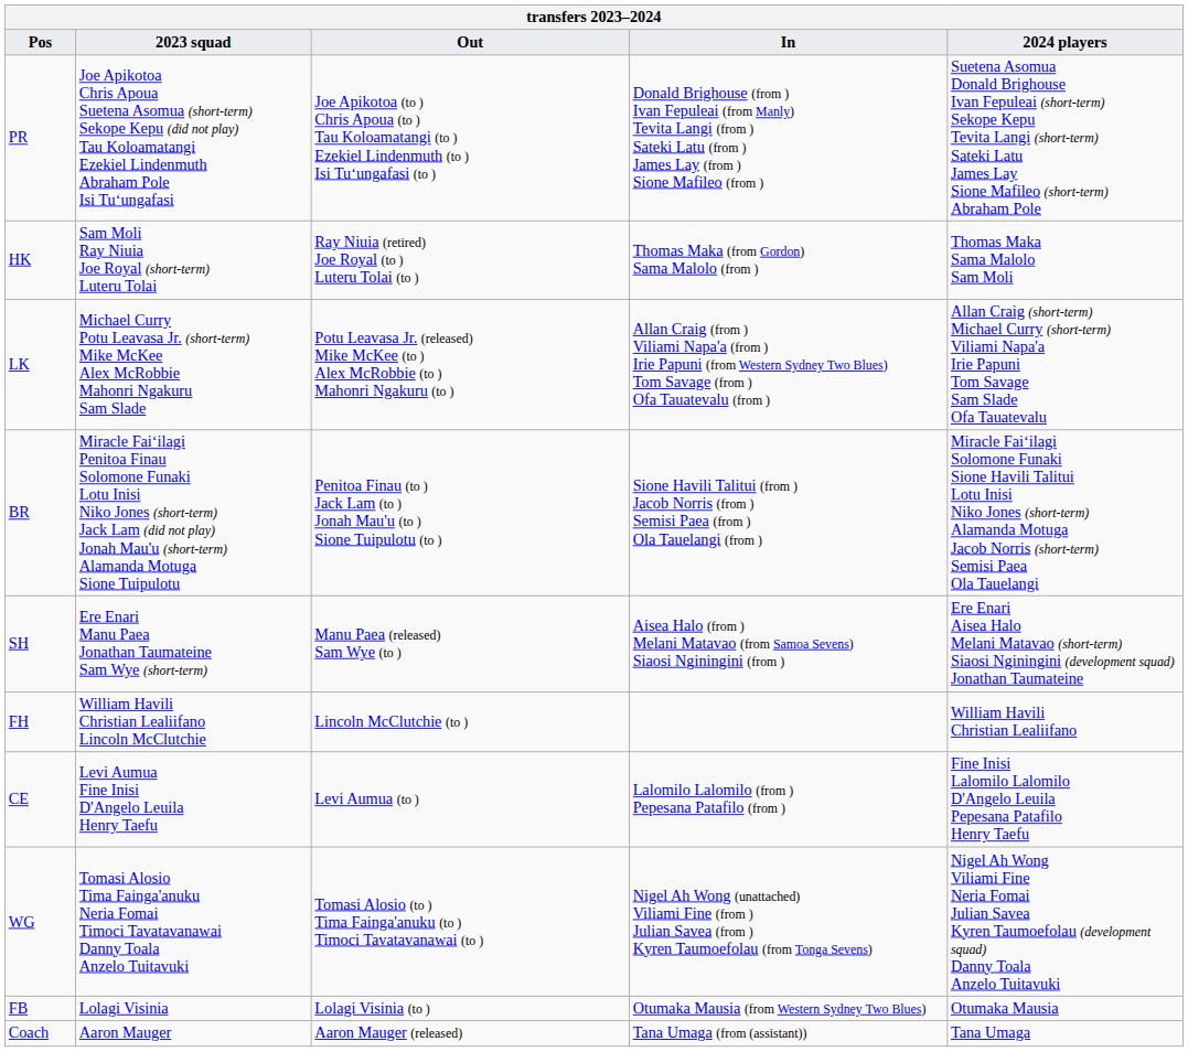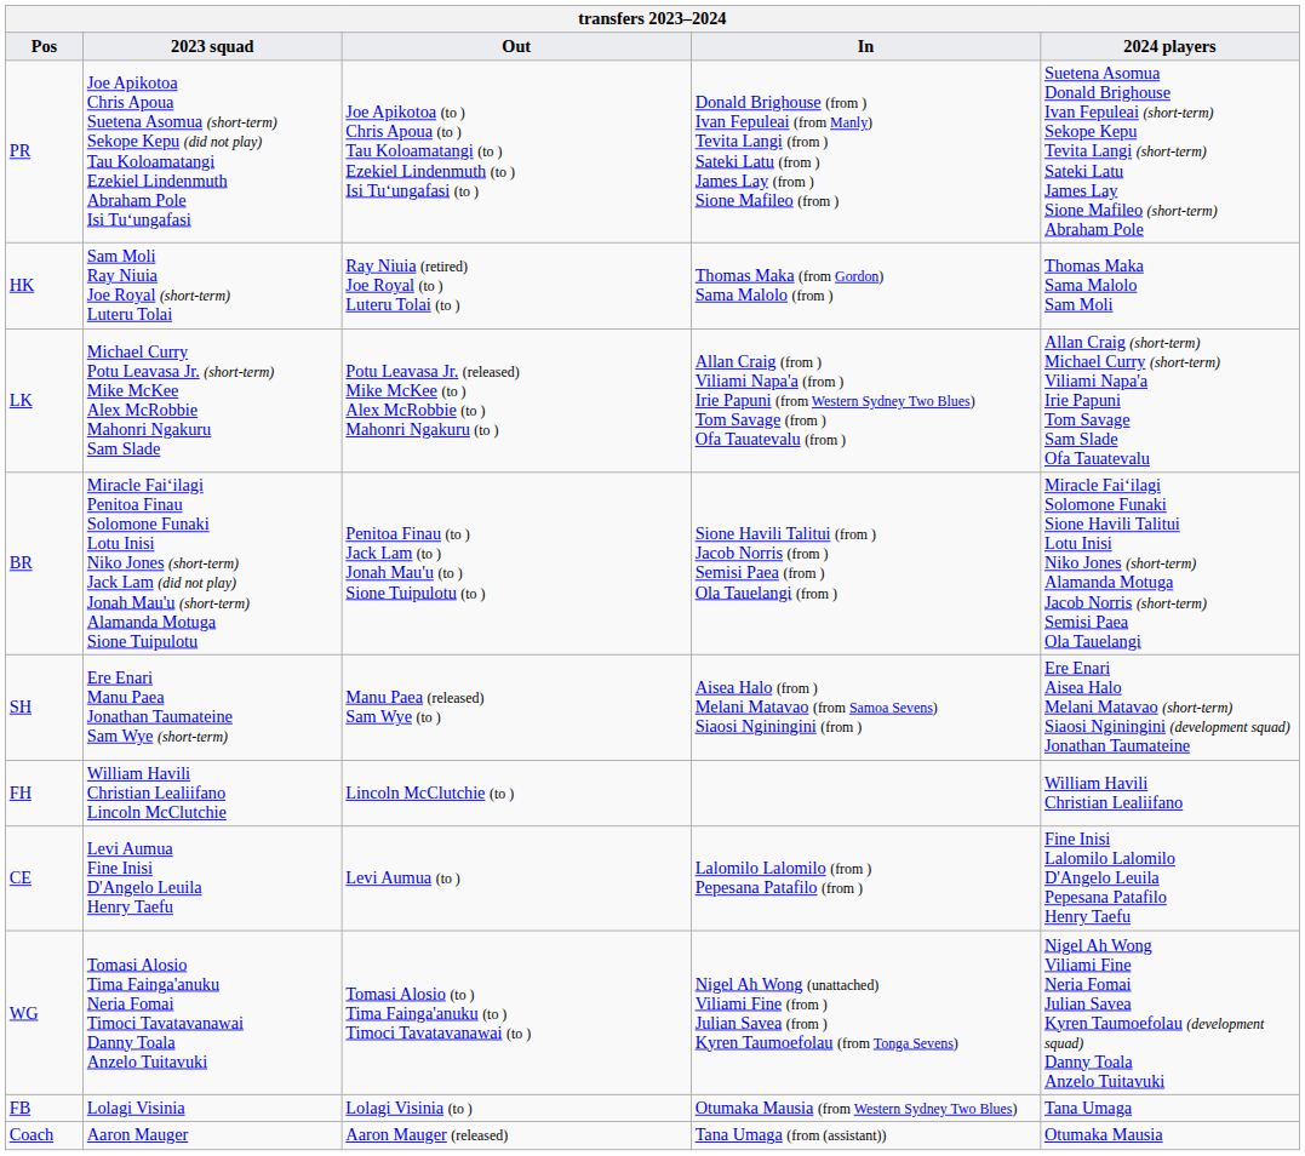 <table class="wikitable" style="text-align: left; width:95%">
 <tr>
 <th colspan="100%"> transfers 2023–2024</th>
 </tr>
 <tr>
 <th style="background:#ebecf0; width:6%;">Pos</th>
 <th style="background:#ebecf0; width:20%;">2023 squad</th>
 <th style="background:#ebecf0; width:27%;">Out</th>
 <th style="background:#ebecf0; width:27%;">In</th>
 <th style="background:#ebecf0; width:20%;">2024 players</th>
 </tr>
 <tr>
 <td><a href='#'>PR</a></td>
 <td> <a href='#'>Joe Apikotoa</a> <br> <a href='#'>Chris Apoua</a> <br> <a href='#'>Suetena Asomua</a> <small><em>(short-term)</em></small> <br><a href='#'>Sekope Kepu</a> <small><em>(did not play)</em></small> <br> <a href='#'>Tau Koloamatangi</a> <br> <a href='#'>Ezekiel Lindenmuth</a> <br> <a href='#'>Abraham Pole</a><br> <a href='#'>Isi Tuʻungafasi</a></td>
 <td>  <a href='#'>Joe Apikotoa</a> <small>(to )</small> <br>  <a href='#'>Chris Apoua</a> <small>(to )</small> <br>  <a href='#'>Tau Koloamatangi</a> <small>(to )</small> <br>  <a href='#'>Ezekiel Lindenmuth</a> <small>(to )</small> <br>  <a href='#'>Isi Tuʻungafasi</a> <small>(to )</small></td>
 <td>  <a href='#'>Donald Brighouse</a> <small>(from )</small> <br>  <a href='#'>Ivan Fepuleai</a> <small>(from  <a href='#'>Manly</a>)</small> <br>  <a href='#'>Tevita Langi</a> <small>(from )</small> <br>  <a href='#'>Sateki Latu</a> <small>(from )</small> <br>  <a href='#'>James Lay</a> <small>(from )</small> <br>  <a href='#'>Sione Mafileo</a> <small>(from )</small></td>
 <td>  <a href='#'>Suetena Asomua</a> <br> <a href='#'>Donald Brighouse</a> <br> <a href='#'>Ivan Fepuleai</a> <small><em>(short-term)</em></small> <br> <a href='#'>Sekope Kepu</a> <br> <a href='#'>Tevita Langi</a> <small><em>(short-term)</em></small> <br> <a href='#'>Sateki Latu</a> <br> <a href='#'>James Lay</a> <br> <a href='#'>Sione Mafileo</a> <small><em>(short-term)</em></small> <br> <a href='#'>Abraham Pole</a></td>
 </tr>
 <tr>
 <td><a href='#'>HK</a></td>
 <td> <a href='#'>Sam Moli</a> <br> <a href='#'>Ray Niuia</a> <br> <a href='#'>Joe Royal</a> <small><em>(short-term)</em></small> <br> <a href='#'>Luteru Tolai</a></td>
 <td>  <a href='#'>Ray Niuia</a> <small>(retired)</small> <br>  <a href='#'>Joe Royal</a> <small>(to )</small> <br>  <a href='#'>Luteru Tolai</a> <small>(to )</small></td>
 <td>  <a href='#'>Thomas Maka</a> <small>(from  <a href='#'>Gordon</a>)</small> <br>  <a href='#'>Sama Malolo</a> <small>(from )</small></td>
 <td> <a href='#'>Thomas Maka</a> <br> <a href='#'>Sama Malolo</a> <br> <a href='#'>Sam Moli</a></td>
 </tr>
 <tr>
 <td><a href='#'>LK</a></td>
 <td> <a href='#'>Michael Curry</a> <br> <a href='#'>Potu Leavasa Jr.</a> <small><em>(short-term)</em></small> <br> <a href='#'>Mike McKee</a> <br><a href='#'>Alex McRobbie</a><br> <a href='#'>Mahonri Ngakuru</a> <br> <a href='#'>Sam Slade</a></td>
 <td>  <a href='#'>Potu Leavasa Jr.</a> <small>(released)</small> <br>  <a href='#'>Mike McKee</a> <small>(to )</small> <br>  <a href='#'>Alex McRobbie</a> <small>(to )</small> <br>  <a href='#'>Mahonri Ngakuru</a> <small>(to )</small></td>
 <td>  <a href='#'>Allan Craig</a> <small>(from )</small> <br>  <a href='#'>Viliami Napa'a</a> <small>(from )</small> <br>  <a href='#'>Irie Papuni</a> <small>(from  <a href='#'>Western Sydney Two Blues</a>)</small> <br>  <a href='#'>Tom Savage</a> <small>(from )</small> <br>  <a href='#'>Ofa Tauatevalu</a> <small>(from )</small></td>
 <td> <a href='#'>Allan Craig</a> <small><em>(short-term)</em></small> <br> <a href='#'>Michael Curry</a> <small><em>(short-term)</em></small> <br> <a href='#'>Viliami Napa'a</a> <br> <a href='#'>Irie Papuni</a> <br> <a href='#'>Tom Savage</a> <br> <a href='#'>Sam Slade</a> <br> <a href='#'>Ofa Tauatevalu</a></td>
 </tr>
 <tr>
 <td><a href='#'>BR</a></td>
 <td> <a href='#'>Miracle Faiʻilagi</a> <br> <a href='#'>Penitoa Finau</a> <br> <a href='#'>Solomone Funaki</a> <br> <a href='#'>Lotu Inisi</a> <br> <a href='#'>Niko Jones</a> <small><em>(short-term)</em></small> <br> <a href='#'>Jack Lam</a> <small><em>(did not play)</em></small> <br> <a href='#'>Jonah Mau'u</a> <small><em>(short-term)</em></small> <br> <a href='#'>Alamanda Motuga</a> <br> <a href='#'>Sione Tuipulotu</a></td>
 <td>  <a href='#'>Penitoa Finau</a> <small>(to )</small> <br>  <a href='#'>Jack Lam</a> <small>(to )</small> <br>  <a href='#'>Jonah Mau'u</a> <small>(to )</small> <br>  <a href='#'>Sione Tuipulotu</a> <small>(to )</small></td>
 <td>  <a href='#'>Sione Havili Talitui</a> <small>(from )</small> <br>  <a href='#'>Jacob Norris</a> <small>(from )</small> <br>  <a href='#'>Semisi Paea</a> <small>(from )</small> <br>   <a href='#'>Ola Tauelangi</a> <small>(from )</small></td>
 <td> <a href='#'>Miracle Faiʻilagi</a> <br> <a href='#'>Solomone Funaki</a> <br> <a href='#'>Sione Havili Talitui</a> <br> <a href='#'>Lotu Inisi</a> <br> <a href='#'>Niko Jones</a> <small><em>(short-term)</em></small> <br> <a href='#'>Alamanda Motuga</a> <br> <a href='#'>Jacob Norris</a> <small><em>(short-term)</em></small> <br> <a href='#'>Semisi Paea</a> <br> <a href='#'>Ola Tauelangi</a></td>
 </tr>
 <tr>
 <td><a href='#'>SH</a></td>
 <td> <a href='#'>Ere Enari</a> <br> <a href='#'>Manu Paea</a> <br> <a href='#'>Jonathan Taumateine</a> <br> <a href='#'>Sam Wye</a> <small><em>(short-term)</em></small></td>
 <td>  <a href='#'>Manu Paea</a> <small>(released)</small> <br>  <a href='#'>Sam Wye</a> <small>(to )</small></td>
 <td>  <a href='#'>Aisea Halo</a> <small>(from )</small> <br>  <a href='#'>Melani Matavao</a> <small>(from  <a href='#'>Samoa Sevens</a>)</small> <br>  <a href='#'>Siaosi Nginingini</a> <small>(from )</small></td>
 <td> <a href='#'>Ere Enari</a> <br> <a href='#'>Aisea Halo</a> <br> <a href='#'>Melani Matavao</a> <small><em>(short-term)</em></small> <br> <a href='#'>Siaosi Nginingini</a> <small><em>(development squad)</em></small> <br> <a href='#'>Jonathan Taumateine</a></td>
 </tr>
 <tr>
 <td><a href='#'>FH</a></td>
 <td> <a href='#'>William Havili</a> <br> <a href='#'>Christian Lealiifano</a><br> <a href='#'>Lincoln McClutchie</a></td>
 <td>  <a href='#'>Lincoln McClutchie</a> <small>(to )</small></td>
 <td></td>
 <td> <a href='#'>William Havili</a> <br> <a href='#'>Christian Lealiifano</a></td>
 </tr>
 <tr>
 <td><a href='#'>CE</a></td>
 <td> <a href='#'>Levi Aumua</a>  <br> <a href='#'>Fine Inisi</a> <br> <a href='#'>D'Angelo Leuila</a> <br> <a href='#'>Henry Taefu</a></td>
 <td>  <a href='#'>Levi Aumua</a> <small>(to )</small></td>
 <td>  <a href='#'>Lalomilo Lalomilo</a> <small>(from )</small> <br>  <a href='#'>Pepesana Patafilo</a> <small>(from )</small></td>
 <td> <a href='#'>Fine Inisi</a> <br> <a href='#'>Lalomilo Lalomilo</a> <br> <a href='#'>D'Angelo Leuila</a> <br> <a href='#'>Pepesana Patafilo</a> <br> <a href='#'>Henry Taefu</a></td>
 </tr>
 <tr>
 <td><a href='#'>WG</a></td>
 <td> <a href='#'>Tomasi Alosio</a> <br> <a href='#'>Tima Fainga'anuku</a> <br> <a href='#'>Neria Fomai</a> <br> <a href='#'>Timoci Tavatavanawai</a> <br> <a href='#'>Danny Toala</a> <br> <a href='#'>Anzelo Tuitavuki</a></td>
 <td>  <a href='#'>Tomasi Alosio</a> <small>(to )</small> <br>  <a href='#'>Tima Fainga'anuku</a> <small>(to )</small> <br>  <a href='#'>Timoci Tavatavanawai</a> <small>(to )</small></td>
 <td>  <a href='#'>Nigel Ah Wong</a> <small>(unattached)</small> <br>  <a href='#'>Viliami Fine</a> <small>(from )</small> <br>  <a href='#'>Julian Savea</a> <small>(from )</small> <br> <a href='#'>Kyren Taumoefolau</a> <small>(from  <a href='#'>Tonga Sevens</a>)</small></td>
 <td> <a href='#'>Nigel Ah Wong</a> <br> <a href='#'>Viliami Fine</a> <br> <a href='#'>Neria Fomai</a> <br> <a href='#'>Julian Savea</a> <br> <a href='#'>Kyren Taumoefolau</a> <small><em>(development squad)</em></small> <br> <a href='#'>Danny Toala</a> <br> <a href='#'>Anzelo Tuitavuki</a></td>
 </tr>
 <tr>
 <td><a href='#'>FB</a></td>
 <td> <a href='#'>Lolagi Visinia</a></td>
 <td>  <a href='#'>Lolagi Visinia</a> <small>(to )</small></td>
 <td>  <a href='#'>Otumaka Mausia</a> <small>(from  <a href='#'>Western Sydney Two Blues</a>)</small></td>
-<td> <a href='#'>Otumaka Mausia</a></td>
+<td> <a href='#'>Tana Umaga</a></td>
 </tr>
 <tr>
 <td><a href='#'>Coach</a></td>
 <td> <a href='#'>Aaron Mauger</a></td>
 <td>  <a href='#'>Aaron Mauger</a> <small>(released)</small></td>
 <td>  <a href='#'>Tana Umaga</a> <small>(from  (assistant))</small></td>
-<td> <a href='#'>Tana Umaga</a></td>
+<td> <a href='#'>Otumaka Mausia</a></td>
 </tr>
 </table>
